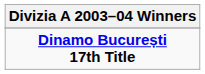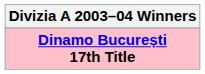 <table class="wikitable" style="text-align: center; margin: 0 auto;">
 <tr>
 <th>Divizia A 2003–04 Winners</th>
 </tr>
 <tr>
 </tr>
 <tr>
-<td><strong><a href='#'>Dinamo București</a></strong><br><strong>17th Title</strong></td>
+<td style="background: pink;"><strong><a href='#'>Dinamo București</a></strong><br><strong>17th Title</strong></td>
 </tr>
 </table>
